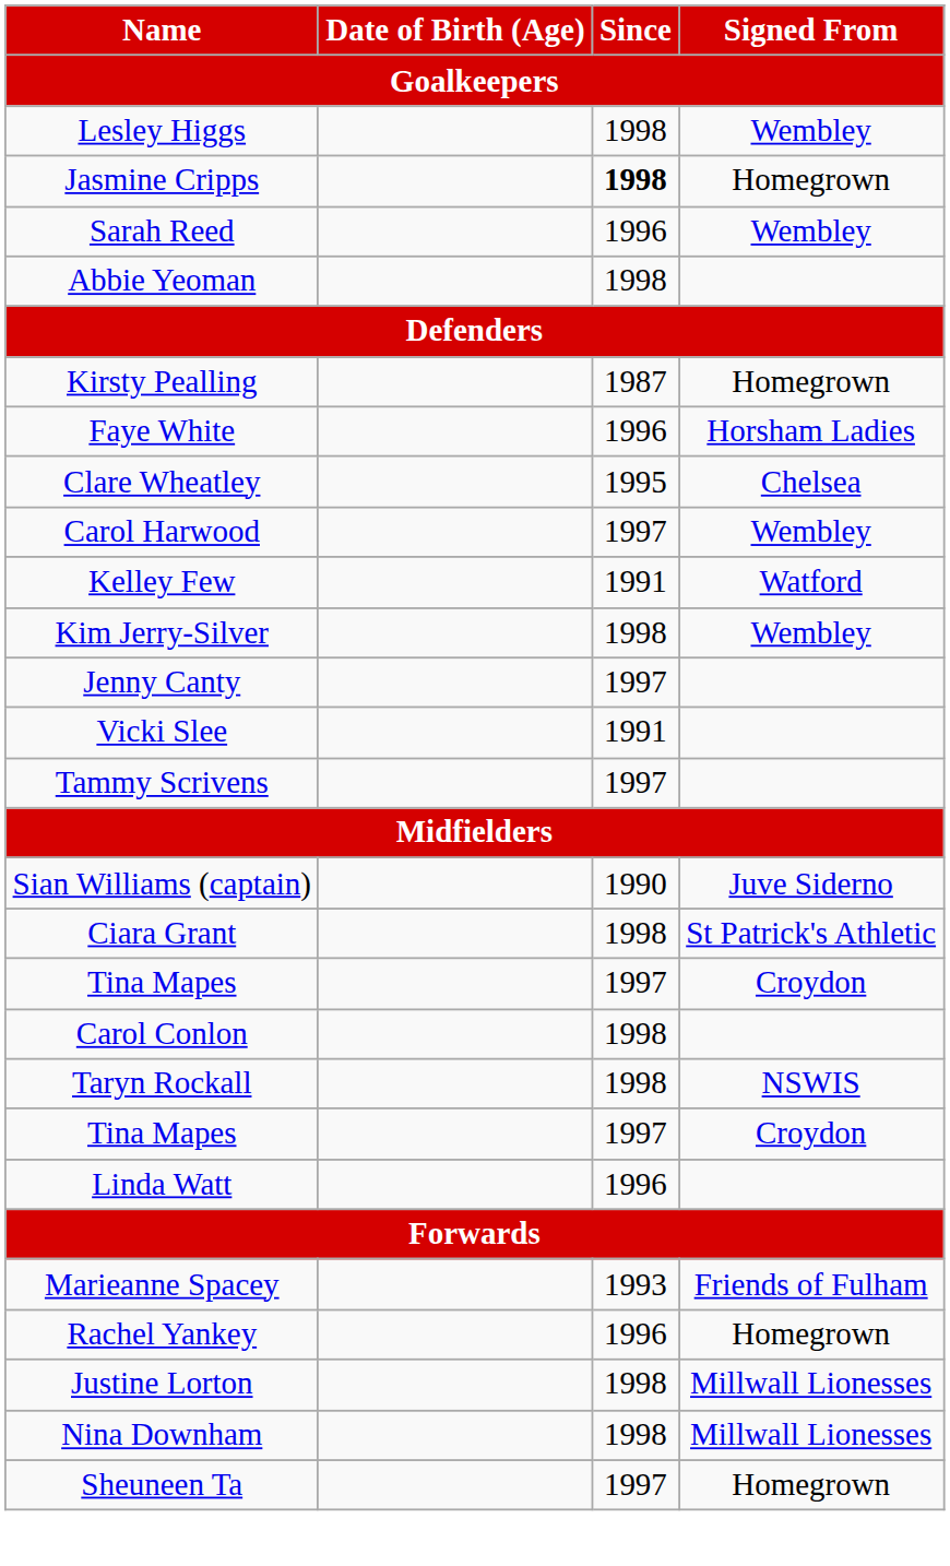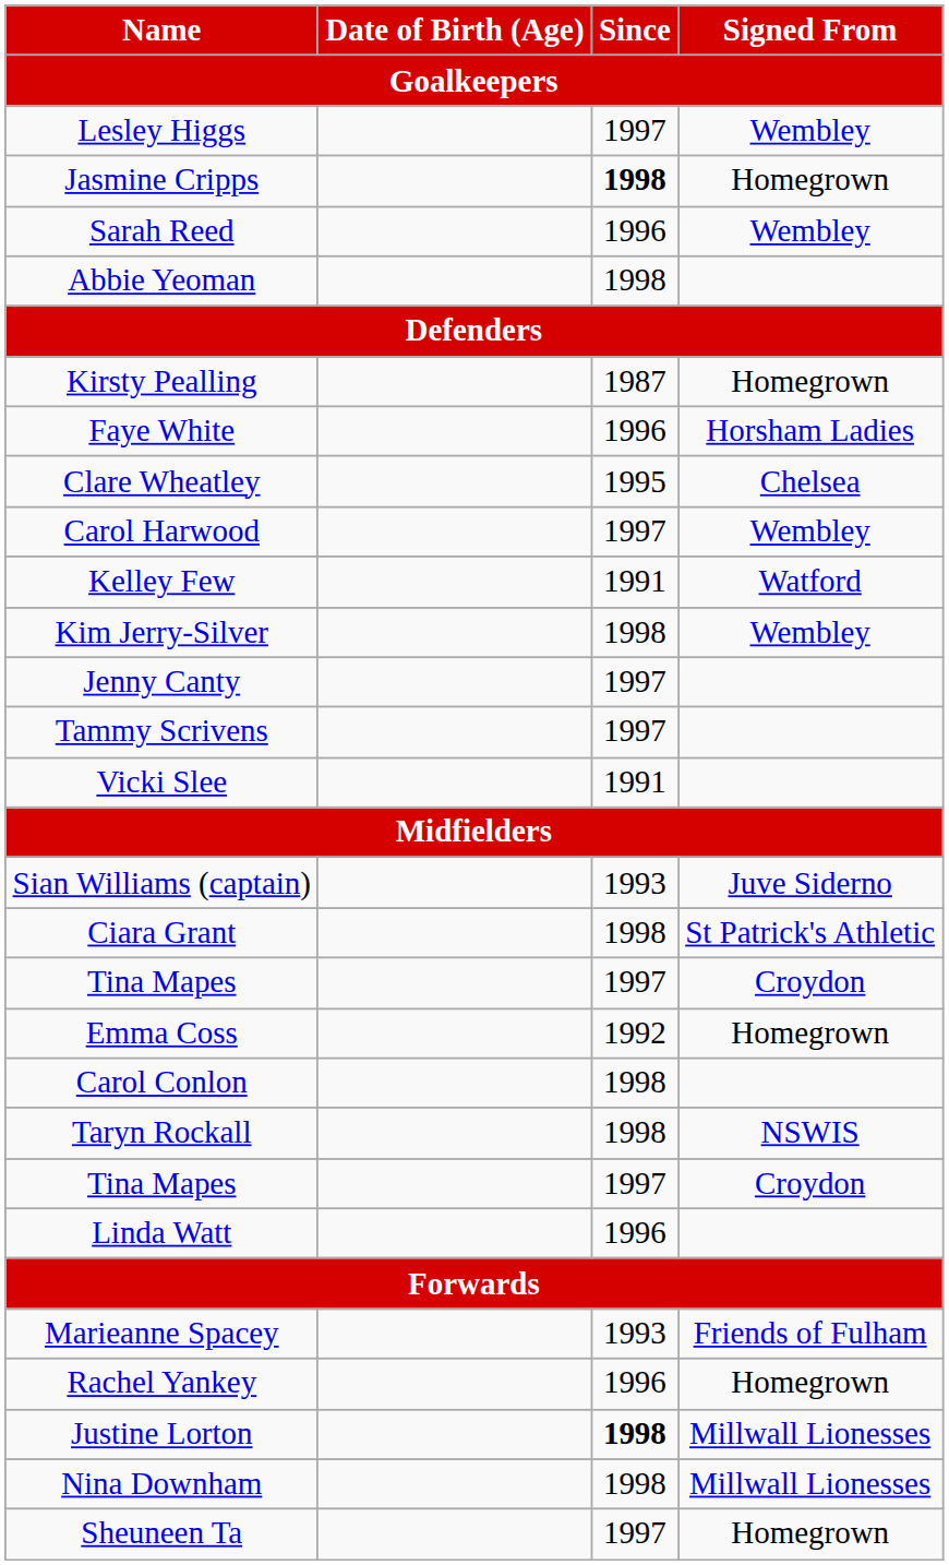 <table class="wikitable" style="text-align:center; font-size:100%; ">
 <tr>
 <th style="background:#d50000; color:white; text-align:center;">Name</th>
 <th style="background:#d50000; color:white; text-align:center;">Date of Birth (Age)</th>
 <th style="background:#d50000; color:white; text-align:center;">Since</th>
 <th style="background:#d50000; color:white; text-align:center;">Signed From</th>
 </tr>
 <tr>
 <th style="background:#d50000; color:white; text-align:center;" colspan="4">Goalkeepers</th>
 </tr>
 <tr>
 <td> <a href='#'>Lesley Higgs</a></td>
 <td></td>
-<td>1998</td>
+<td>1997</td>
 <td> <a href='#'>Wembley</a></td>
 </tr>
 <tr>
 <td> <a href='#'>Jasmine Cripps</a></td>
 <td></td>
 <td><strong>1998</strong></td>
 <td>Homegrown</td>
 </tr>
 <tr>
 <td> <a href='#'>Sarah Reed</a></td>
 <td></td>
 <td>1996</td>
 <td> <a href='#'>Wembley</a></td>
 </tr>
 <tr>
 <td><a href='#'>Abbie Yeoman</a></td>
 <td></td>
 <td>1998</td>
 <td></td>
 </tr>
 <tr>
 <th style="background:#d50000; color:white; text-align:center;" colspan="4">Defenders</th>
 </tr>
 <tr>
 <td> <a href='#'>Kirsty Pealling</a></td>
 <td></td>
 <td>1987</td>
 <td>Homegrown</td>
 </tr>
 <tr>
 <td> <a href='#'>Faye White</a></td>
 <td></td>
 <td>1996</td>
 <td> <a href='#'>Horsham Ladies</a></td>
 </tr>
 <tr>
 <td> <a href='#'>Clare Wheatley</a></td>
 <td></td>
 <td>1995</td>
 <td> <a href='#'>Chelsea</a></td>
 </tr>
 <tr>
 <td> <a href='#'>Carol Harwood</a></td>
 <td></td>
 <td>1997</td>
 <td> <a href='#'>Wembley</a></td>
 </tr>
 <tr>
 <td> <a href='#'>Kelley Few</a></td>
 <td></td>
 <td>1991</td>
 <td> <a href='#'>Watford</a></td>
 </tr>
 <tr>
 <td> <a href='#'>Kim Jerry-Silver</a></td>
 <td></td>
 <td>1998</td>
 <td> <a href='#'>Wembley</a></td>
 </tr>
 <tr>
 <td> <a href='#'>Jenny Canty</a></td>
 <td></td>
 <td>1997</td>
 <td></td>
 </tr>
 <tr>
+<td> <a href='#'>Tammy Scrivens</a></td>
+<td></td>
+<td>1997</td>
+<td></td>
+</tr>
+<tr>
 <td> <a href='#'>Vicki Slee</a></td>
 <td></td>
 <td>1991</td>
-<td></td>
-</tr>
-<tr>
-<td> <a href='#'>Tammy Scrivens</a></td>
-<td></td>
-<td>1997</td>
 <td></td>
 </tr>
 <tr>
 <th style="background:#d50000; color:white; text-align:center;" colspan="4">Midfielders</th>
 </tr>
 <tr>
 <td> <a href='#'>Sian Williams</a> (<a href='#'>captain</a>)</td>
 <td></td>
-<td>1990</td>
+<td>1993</td>
 <td> <a href='#'>Juve Siderno</a></td>
 </tr>
 <tr>
 <td> <a href='#'>Ciara Grant</a></td>
 <td></td>
 <td>1998</td>
 <td> <a href='#'>St Patrick's Athletic</a></td>
 </tr>
 <tr>
 <td> <a href='#'>Tina Mapes</a></td>
 <td></td>
 <td>1997</td>
 <td><em></em> <a href='#'>Croydon</a></td>
+</tr>
+<tr>
+<td> <a href='#'>Emma Coss</a></td>
+<td></td>
+<td>1992</td>
+<td>Homegrown</td>
 </tr>
 <tr>
 <td> <a href='#'>Carol Conlon</a></td>
 <td></td>
 <td>1998</td>
 <td></td>
 </tr>
 <tr>
 <td><em></em> <a href='#'>Taryn Rockall</a></td>
 <td></td>
 <td>1998</td>
 <td><em></em> <a href='#'>NSWIS</a></td>
 </tr>
 <tr>
 <td> <a href='#'>Tina Mapes</a></td>
 <td></td>
 <td>1997</td>
 <td><em></em> <a href='#'>Croydon</a></td>
 </tr>
 <tr>
 <td> <a href='#'>Linda Watt</a></td>
 <td></td>
 <td>1996</td>
 <td></td>
 </tr>
 <tr>
 <th style="background:#d50000; color:white; text-align:center;" colspan="4">Forwards</th>
 </tr>
 <tr>
 <td> <a href='#'>Marieanne Spacey</a></td>
 <td></td>
 <td>1993</td>
 <td><em></em> <a href='#'>Friends of Fulham</a></td>
 </tr>
 <tr>
 <td> <a href='#'>Rachel Yankey</a></td>
 <td></td>
 <td>1996</td>
 <td>Homegrown</td>
 </tr>
 <tr>
 <td> <a href='#'>Justine Lorton</a></td>
 <td></td>
-<td>1998</td>
+<td><strong>1998</strong></td>
 <td><em></em> <a href='#'>Millwall Lionesses</a></td>
 </tr>
 <tr>
 <td> <a href='#'>Nina Downham</a></td>
 <td></td>
 <td>1998</td>
 <td><em></em> <a href='#'>Millwall Lionesses</a></td>
 </tr>
 <tr>
 <td> <a href='#'>Sheuneen Ta</a></td>
 <td></td>
 <td>1997</td>
 <td>Homegrown</td>
 </tr>
 </table>
